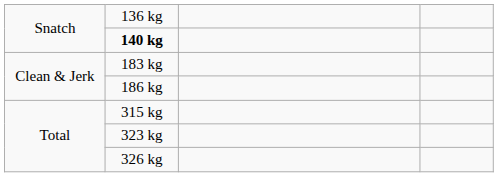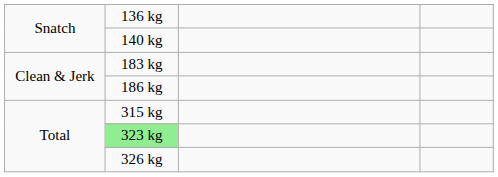 <table class = "wikitable" style="text-align:center;">
 <tr>
 <td width=100 rowspan=2>Snatch</td>
 <td width=70>136 kg</td>
 <td width=250 align=left></td>
 <td width=70></td>
 </tr>
 <tr>
-<td><strong>140 kg</strong></td>
+<td>140 kg</td>
 <td align=left></td>
 <td></td>
 </tr>
 <tr>
 <td rowspan=2>Clean & Jerk</td>
 <td>183 kg</td>
 <td align=left></td>
 <td></td>
 </tr>
 <tr>
 <td>186 kg</td>
 <td align=left></td>
 <td></td>
 </tr>
 <tr>
 <td rowspan=3>Total</td>
 <td>315 kg</td>
 <td align=left></td>
 <td></td>
 </tr>
 <tr>
-<td>323 kg</td>
+<td style="background: lightgreen;">323 kg</td>
 <td align=left></td>
 <td></td>
 </tr>
 <tr>
 <td>326 kg</td>
 <td align=left></td>
 <td></td>
 </tr>
 </table>
